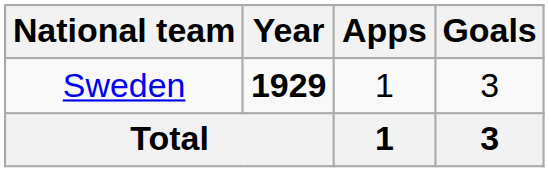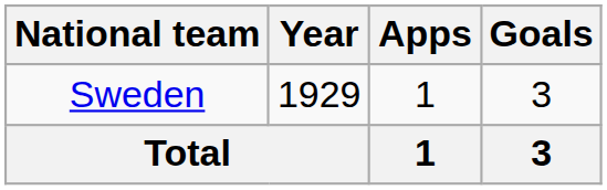 <table class=wikitable style=text-align:center>
 <tr>
 <th>National team</th>
 <th>Year</th>
 <th>Apps</th>
 <th>Goals</th>
 </tr>
 <tr>
 <td rowspan="1"><a href='#'>Sweden</a></td>
-<td><strong>1929</strong></td>
+<td>1929</td>
 <td>1</td>
 <td>3</td>
 </tr>
 <tr>
 <th colspan="2">Total</th>
 <th>1</th>
 <th>3</th>
 </tr>
 </table>
